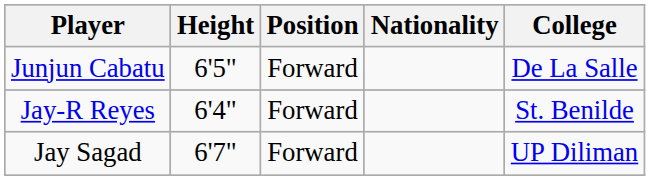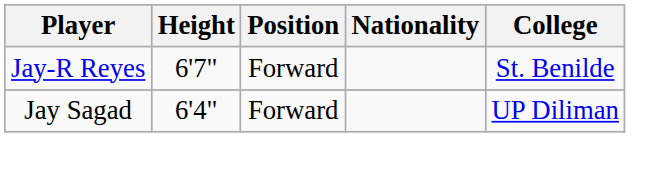 <table class="wikitable sortable sortable">
 <tr>
 <th>Player</th>
 <th>Height</th>
 <th>Position</th>
 <th>Nationality</th>
 <th>College</th>
 </tr>
 <tr style="text-align: center">
-<td><a href='#'>Junjun Cabatu</a></td>
-<td>6'5"</td>
-<td>Forward</td>
-<td></td>
-<td><a href='#'>De La Salle</a></td>
-</tr>
-<tr style="text-align: center">
 <td><a href='#'>Jay-R Reyes</a></td>
-<td>6'4"</td>
+<td>6'7"</td>
 <td>Forward</td>
 <td></td>
 <td><a href='#'>St. Benilde</a></td>
 </tr>
 <tr style="text-align: center">
 <td>Jay Sagad</td>
-<td>6'7"</td>
+<td>6'4"</td>
 <td>Forward</td>
 <td></td>
 <td><a href='#'>UP Diliman</a></td>
 </tr>
 </table>
